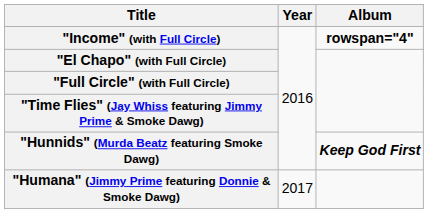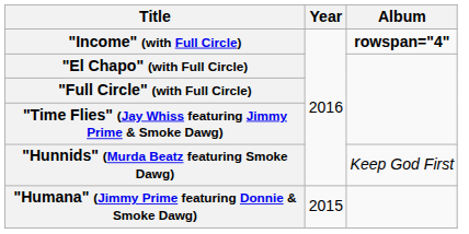 <table class="wikitable plainrowheaders" style="text-align:center;">
 <tr>
 <th scope="col" style="width:19em;">Title</th>
 <th scope="col">Year</th>
 <th scope="col">Album</th>
 </tr>
 <tr>
 <th scope="row">"Income" <small>(with <a href='#'>Full Circle</a>)</small></th>
 <td rowspan="5">2016</td>
 <td><strong>rowspan="4" </strong></td>
 </tr>
 <tr>
 <th scope="row">"El Chapo" <small>(with Full Circle)</small></th>
 </tr>
 <tr>
 <th scope="row">"Full Circle" <small>(with Full Circle)</small></th>
 </tr>
 <tr>
 <th scope="row">"Time Flies" <small>(<a href='#'>Jay Whiss</a> featuring <a href='#'>Jimmy Prime</a> & Smoke Dawg)</small></th>
 </tr>
 <tr>
 <th scope="row">"Hunnids" <small>(<a href='#'>Murda Beatz</a> featuring Smoke Dawg)</small></th>
-<td><strong><em>Keep God First</em></strong></td>
+<td><em>Keep God First</em></td>
 </tr>
 <tr>
 <th scope="row">"Humana" <small>(<a href='#'>Jimmy Prime</a> featuring <a href='#'>Donnie</a> & Smoke Dawg)</small></th>
-<td>2017</td>
+<td>2015</td>
 <td></td>
 </tr>
 </table>
